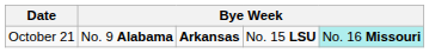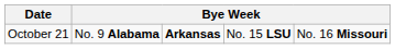 <table class="wikitable" style="font-size:95%;">
 <tr>
 <th>Date</th>
 <th colspan="4">Bye Week</th>
 </tr>
 <tr>
 <td>October 21</td>
 <td>No. 9 <strong>Alabama</strong></td>
 <td><strong>Arkansas</strong></td>
 <td>No. 15 <strong>LSU</strong></td>
-<td style="background: paleturquoise;">No. 16 <strong>Missouri</strong></td>
+<td>No. 16 <strong>Missouri</strong></td>
 </tr>
 </table>
